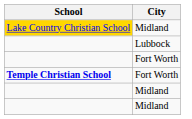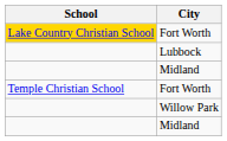 <table class="wikitable">
 <tr>
 <th>School</th>
 <th>City</th>
 </tr>
 <tr>
 <td style="background: gold;"><a href='#'>Lake Country Christian School</a></td>
-<td>Midland</td>
+<td>Fort Worth</td>
 </tr>
 <tr>
 <td></td>
 <td>Lubbock</td>
 </tr>
 <tr>
 <td></td>
-<td>Fort Worth</td>
+<td>Midland</td>
 </tr>
 <tr>
-<td><strong><a href='#'>Temple Christian School</a></strong></td>
+<td><a href='#'>Temple Christian School</a></td>
 <td>Fort Worth</td>
 </tr>
 <tr>
 <td></td>
-<td>Midland</td>
+<td>Willow Park</td>
 </tr>
 <tr>
 <td></td>
 <td>Midland</td>
 </tr>
 </table>
